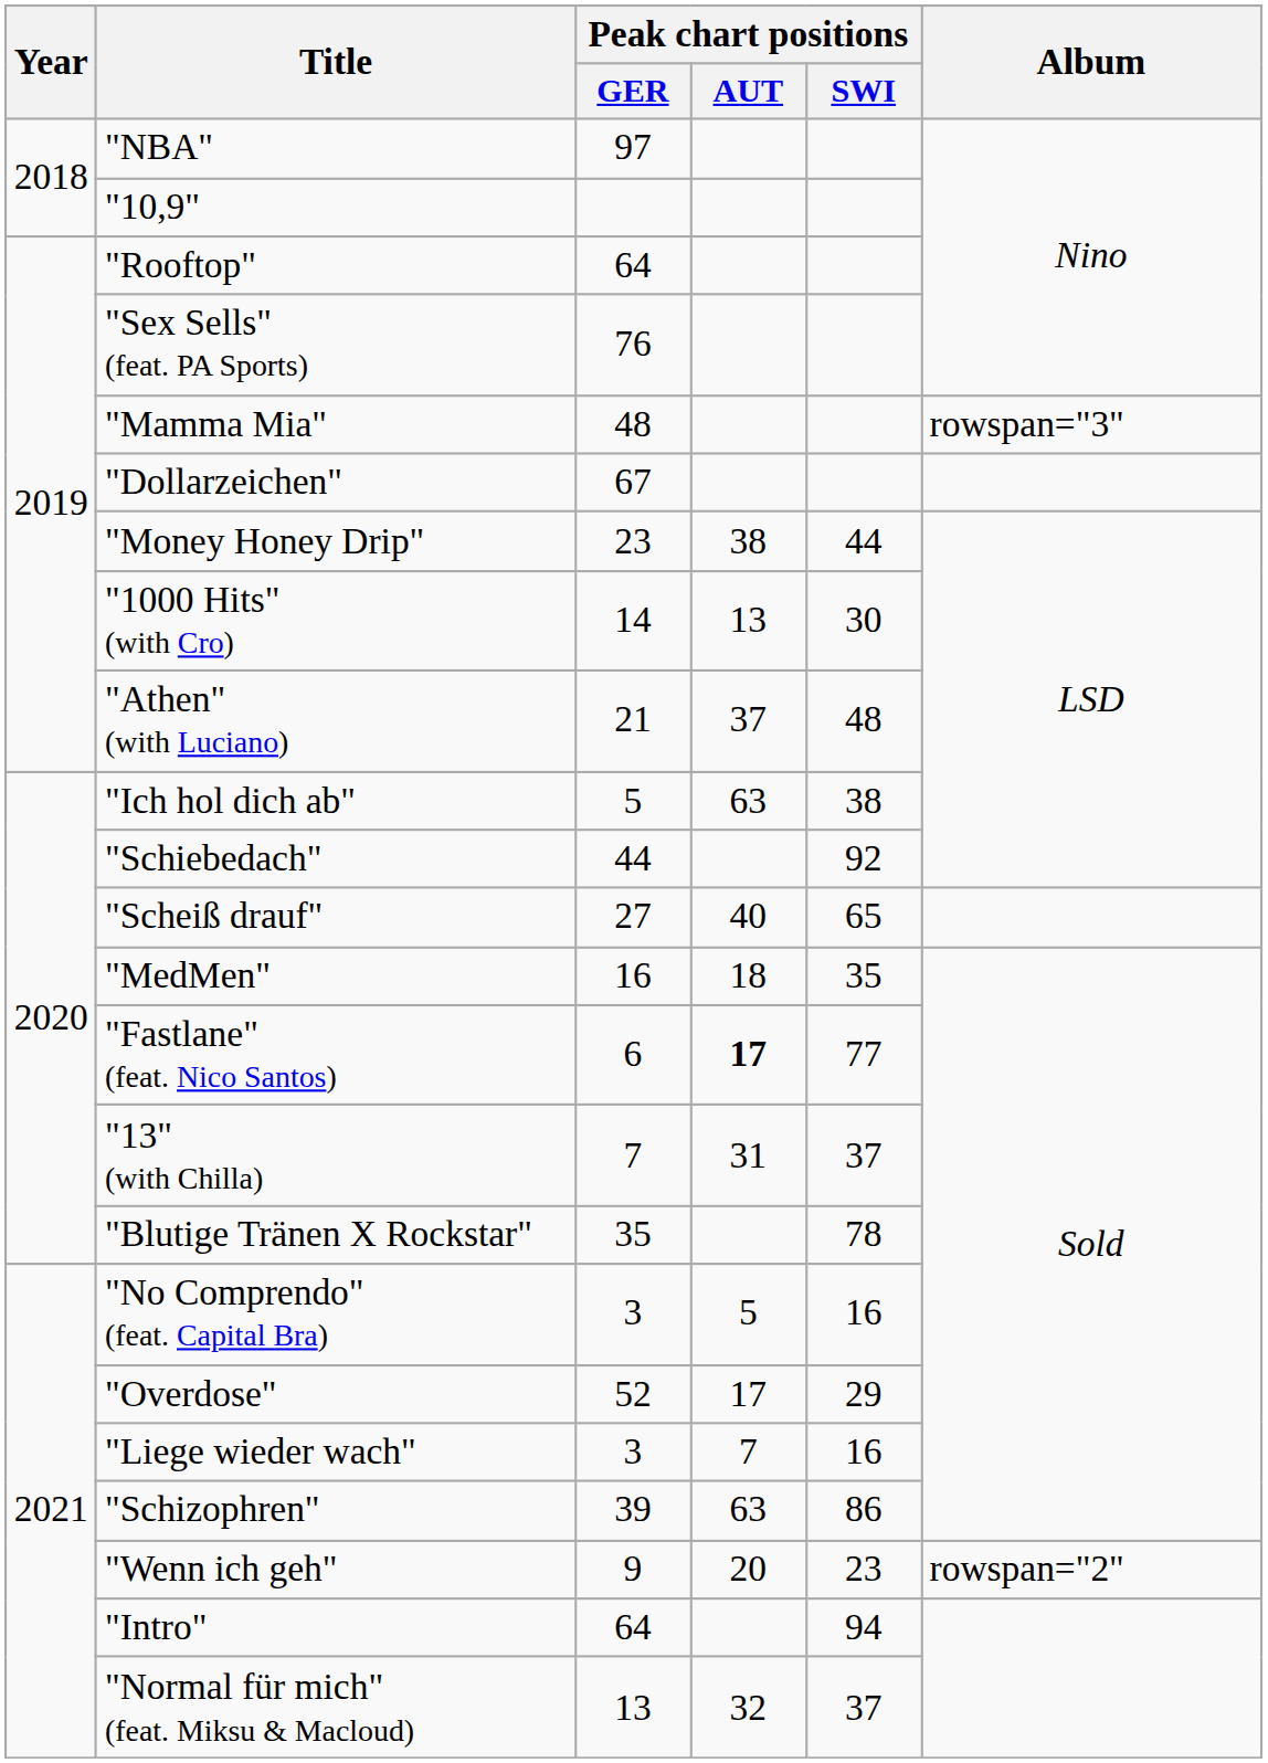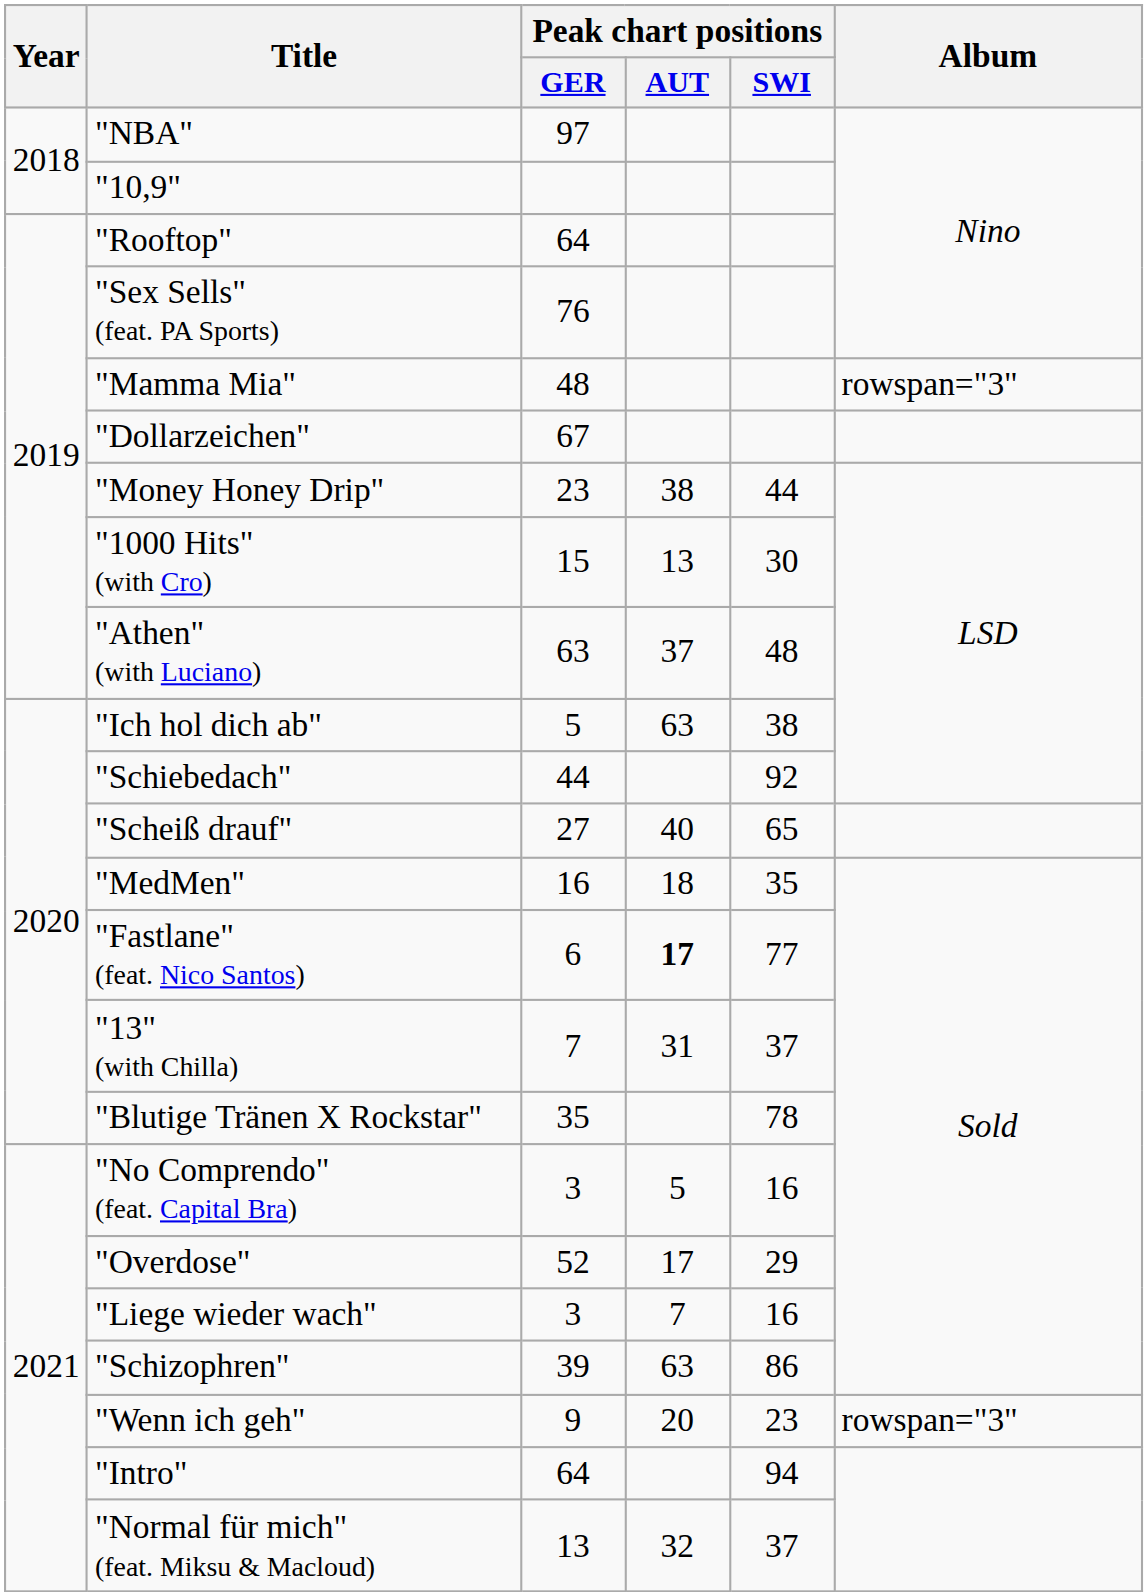 <table class="wikitable">
 <tr style="background: #eeeeee;">
 <th style="width: 20px;" rowspan="2">Year</th>
 <th style="width: 200px;" rowspan="2">Title</th>
 <th colspan="3">Peak chart positions</th>
 <th style="width: 140px;" rowspan="2">Album</th>
 </tr>
 <tr style="background: #eeeeee;">
 <th scope="col" style="width:3em;font-size:90%;"><a href='#'>GER</a><br></th>
 <th scope="col" style="width:3em;font-size:90%;"><a href='#'>AUT</a><br></th>
 <th scope="col" style="width:3em;font-size:90%;"><a href='#'>SWI</a><br></th>
 </tr>
 <tr>
 <td rowspan="2">2018</td>
 <td>"NBA"</td>
 <td align="center">97</td>
 <td align="center"></td>
 <td align="center"></td>
 <td rowspan="4" align="center"><em>Nino</em></td>
 </tr>
 <tr>
 <td>"10,9"</td>
 <td align="center"></td>
 <td align="center"></td>
 <td align="center"></td>
 </tr>
 <tr>
 <td rowspan="7">2019</td>
 <td>"Rooftop"</td>
 <td align="center">64</td>
 <td align="center"></td>
 <td align="center"></td>
 </tr>
 <tr>
 <td>"Sex Sells" <br><small>(feat. PA Sports)</small></td>
 <td align="center">76</td>
 <td align="center"></td>
 <td align="center"></td>
 </tr>
 <tr>
 <td>"Mamma Mia"</td>
 <td align="center">48</td>
 <td align="center"></td>
 <td align="center"></td>
 <td>rowspan="3" </td>
 </tr>
 <tr>
 <td>"Dollarzeichen"</td>
 <td align="center">67</td>
 <td align="center"></td>
 <td align="center"></td>
 </tr>
 <tr>
 <td>"Money Honey Drip"</td>
 <td align="center">23</td>
 <td align="center">38</td>
 <td align="center">44</td>
 <td align="center" rowspan=5><em>LSD</em></td>
 </tr>
 <tr>
 <td>"1000 Hits" <br><small>(with <a href='#'>Cro</a>)</small></td>
-<td align="center">14</td>
+<td align="center">15</td>
 <td align="center">13</td>
 <td align="center">30</td>
 </tr>
 <tr>
 <td>"Athen" <br><small>(with <a href='#'>Luciano</a>)</small></td>
-<td align="center">21</td>
+<td align="center">63</td>
 <td align="center">37</td>
 <td align="center">48</td>
 </tr>
 <tr>
 <td rowspan=7>2020</td>
 <td>"Ich hol dich ab"</td>
 <td align="center">5</td>
 <td align="center">63</td>
 <td align="center">38</td>
 </tr>
 <tr>
 <td>"Schiebedach"</td>
 <td align="center">44</td>
 <td align="center"></td>
 <td align="center">92</td>
 </tr>
 <tr>
 <td>"Scheiß drauf"</td>
 <td align="center">27</td>
 <td align="center">40</td>
 <td align="center">65</td>
 <td></td>
 </tr>
 <tr>
 <td>"MedMen"</td>
 <td align="center">16</td>
 <td align="center">18</td>
 <td align="center">35</td>
 <td rowspan="8" align="center"><em>Sold</em></td>
 </tr>
 <tr>
 <td>"Fastlane"<br><small>(feat. <a href='#'>Nico Santos</a>)</small></td>
 <td align="center">6</td>
 <td align="center"><strong>17</strong></td>
 <td align="center">77</td>
 </tr>
 <tr>
 <td>"13"<br><small>(with Chilla)</small></td>
 <td align="center">7</td>
 <td align="center">31</td>
 <td align="center">37</td>
 </tr>
 <tr>
 <td>"Blutige Tränen X Rockstar"</td>
 <td align="center">35</td>
 <td align="center"></td>
 <td align="center">78</td>
 </tr>
 <tr>
 <td rowspan="7">2021</td>
 <td>"No Comprendo"<br><small>(feat. <a href='#'>Capital Bra</a>)</small></td>
 <td align="center">3</td>
 <td align="center">5</td>
 <td align="center">16</td>
 </tr>
 <tr>
 <td>"Overdose"</td>
 <td align="center">52</td>
 <td align="center">17</td>
 <td align="center">29</td>
 </tr>
 <tr>
 <td>"Liege wieder wach"</td>
 <td align="center">3</td>
 <td align="center">7</td>
 <td align="center">16</td>
 </tr>
 <tr>
 <td>"Schizophren"</td>
 <td align="center">39</td>
 <td align="center">63</td>
 <td align="center">86</td>
 </tr>
 <tr>
 <td>"Wenn ich geh"</td>
 <td align="center">9</td>
 <td align="center">20</td>
 <td align="center">23</td>
-<td>rowspan="2" </td>
+<td>rowspan="3" </td>
 </tr>
 <tr>
 <td>"Intro"</td>
 <td align="center">64</td>
 <td align="center"></td>
 <td align="center">94</td>
 </tr>
 <tr>
 <td>"Normal für mich"<br><small>(feat. Miksu & Macloud)</small></td>
 <td align="center">13</td>
 <td align="center">32</td>
 <td align="center">37</td>
 </tr>
 </table>
